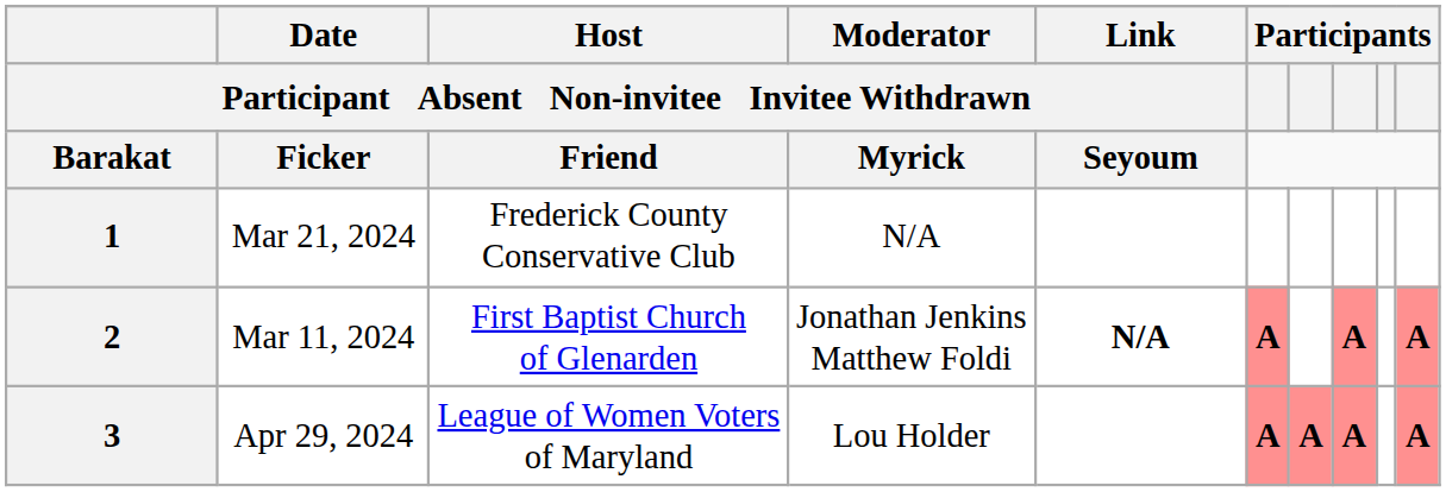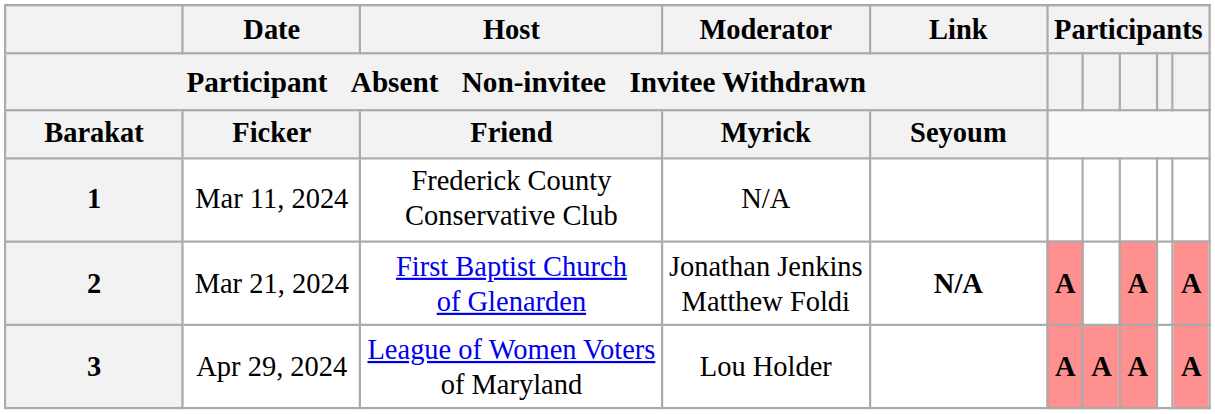 <table class="wikitable mw-collapsible" style="text-align:center;">
 <tr>
 </tr>
 <tr style="font-size:small;">
 <th scope="col"></th>
 <th scope="col">Date</th>
 <th scope="col">Host</th>
 <th scope="col">Moderator</th>
 <th scope="col">Link</th>
 <th scope="col" colspan="6">Participants</th>
 </tr>
 <tr>
 <th colspan="5" rowspan="2"> <small>Participant  </small> <small>Absent  </small> <small>Non-invitee  </small> <small>Invitee Withdrawn</small></th>
 <th scope="col" style="background:"></th>
 <th scope="col" style="background:"></th>
 <th scope="col" style="background:"></th>
 <th scope="col" style="background:"></th>
 <th scope="col" style="background:"></th>
 </tr>
 <tr>
 </tr>
 <tr style="font-size:small;">
 <th scope="col" style="width:75px;">Barakat</th>
 <th scope="col" style="width:75px;">Ficker</th>
 <th scope="col" style="width:75px;">Friend</th>
 <th scope="col" style="width:75px;">Myrick</th>
 <th scope="col" style="width:75px;">Seyoum</th>
 </tr>
 <tr style="background:#FFFFFF;font-size:small;">
 <th scope="row">1</th>
-<td style="white-space:nowrap;">Mar 21, 2024</td>
+<td style="white-space:nowrap;">Mar 11, 2024</td>
 <td style="white-space:nowrap;">Frederick County<br>Conservative Club</td>
 <td style="white-space:nowrap;">N/A</td>
 <td style="white-space:nowrap;"></td>
 <td></td>
 <td></td>
 <td></td>
 <td></td>
 <td></td>
 </tr>
 <tr style="background:#FFFFFF;font-size:small;">
 <th scope="row">2</th>
-<td style="white-space:nowrap;">Mar 11, 2024</td>
+<td style="white-space:nowrap;">Mar 21, 2024</td>
 <td style="white-space:nowrap;"><a href='#'>First Baptist Church<br>of Glenarden</a></td>
 <td style="white-space:nowrap;">Jonathan Jenkins<br>Matthew Foldi</td>
 <td style="white-space:nowrap;"><strong>N/A</strong></td>
 <td style="background:#ff9090; color:black; text-align:center;"><strong>A</strong></td>
 <td></td>
 <td style="background:#ff9090; color:black; text-align:center;"><strong>A</strong></td>
 <td></td>
 <td style="background:#ff9090; color:black; text-align:center;"><strong>A</strong></td>
 </tr>
 <tr style="background:#FFFFFF;font-size:small;">
 <th scope="row">3</th>
 <td style="white-space:nowrap;">Apr 29, 2024</td>
 <td style="white-space:nowrap;"><a href='#'>League of Women Voters</a><br> of Maryland</td>
 <td style="white-space:nowrap;">Lou Holder</td>
 <td style="white-space:nowrap;"></td>
 <td style="background:#ff9090; color:black; text-align:center;"><strong>A</strong></td>
 <td style="background:#ff9090; color:black; text-align:center;"><strong>A</strong></td>
 <td style="background:#ff9090; color:black; text-align:center;"><strong>A</strong></td>
 <td></td>
 <td style="background:#ff9090; color:black; text-align:center;"><strong>A</strong></td>
 </tr>
 </table>
